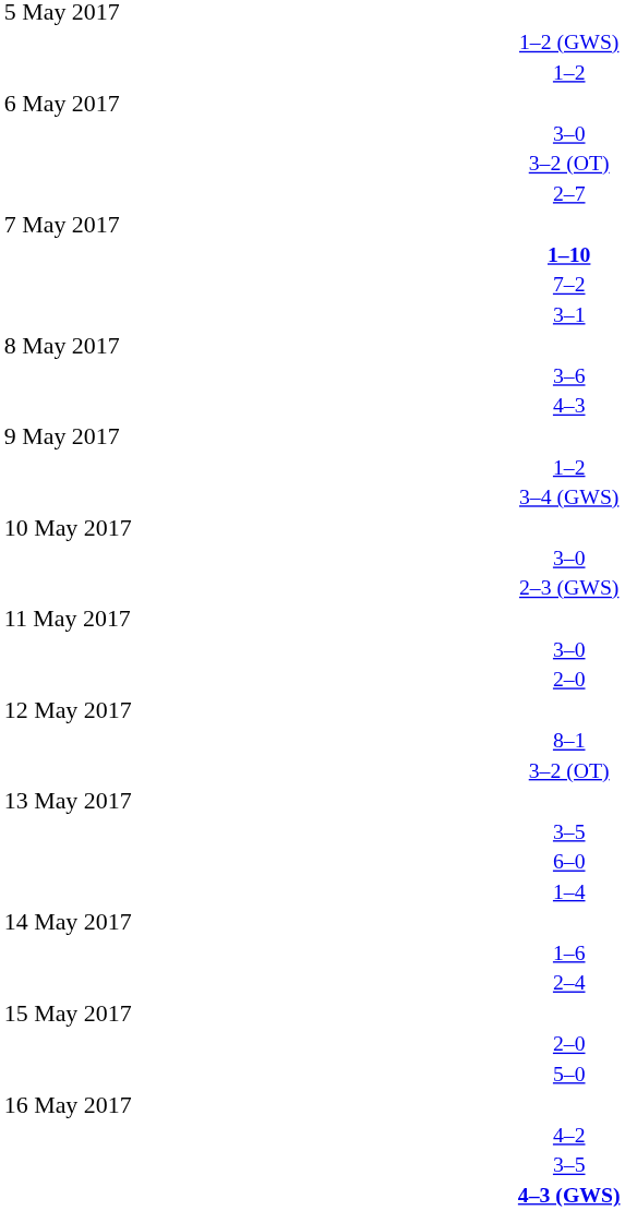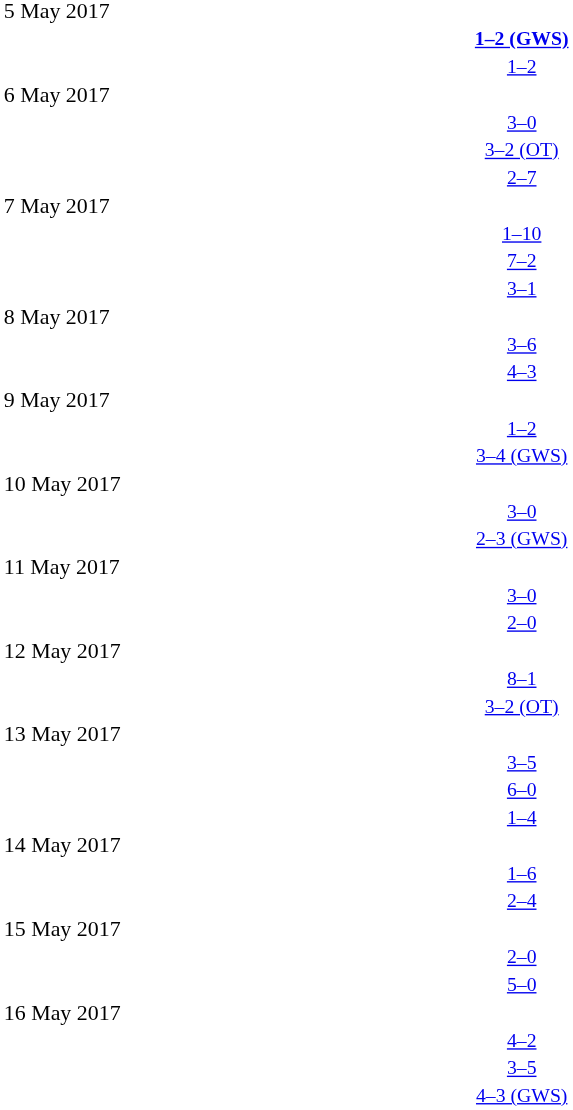 <table style="width:100%;" cellspacing="1">
 <tr>
 <th width=25%></th>
 <th width=2%></th>
 <th width=6%></th>
 <th width=2%></th>
 <th width=25%></th>
 </tr>
 <tr>
 <td>5 May 2017</td>
 </tr>
 <tr style=font-size:90%>
 <td align=right></td>
 <td></td>
-<td align=center><a href='#'>1–2 (GWS)</a></td>
+<td align=center><strong><a href='#'>1–2 (GWS)</a></strong></td>
 <td></td>
 <td></td>
 <td></td>
 </tr>
 <tr style=font-size:90%>
 <td align=right></td>
 <td></td>
 <td align=center><a href='#'>1–2</a></td>
 <td></td>
 <td></td>
 <td></td>
 </tr>
 <tr>
 <td>6 May 2017</td>
 </tr>
 <tr style=font-size:90%>
 <td align=right></td>
 <td></td>
 <td align=center><a href='#'>3–0</a></td>
 <td></td>
 <td></td>
 <td></td>
 </tr>
 <tr style=font-size:90%>
 <td align=right></td>
 <td></td>
 <td align=center><a href='#'>3–2 (OT)</a></td>
 <td></td>
 <td></td>
 <td></td>
 </tr>
 <tr style=font-size:90%>
 <td align=right></td>
 <td></td>
 <td align=center><a href='#'>2–7</a></td>
 <td></td>
 <td></td>
 <td></td>
 </tr>
 <tr>
 <td>7 May 2017</td>
 </tr>
 <tr style=font-size:90%>
 <td align=right></td>
 <td></td>
-<td align=center><strong><a href='#'>1–10</a></strong></td>
+<td align=center><a href='#'>1–10</a></td>
 <td></td>
 <td></td>
 <td></td>
 </tr>
 <tr style=font-size:90%>
 <td align=right></td>
 <td></td>
 <td align=center><a href='#'>7–2</a></td>
 <td></td>
 <td></td>
 <td></td>
 </tr>
 <tr style=font-size:90%>
 <td align=right></td>
 <td></td>
 <td align=center><a href='#'>3–1</a></td>
 <td></td>
 <td></td>
 <td></td>
 </tr>
 <tr>
 <td>8 May 2017</td>
 </tr>
 <tr style=font-size:90%>
 <td align=right></td>
 <td></td>
 <td align=center><a href='#'>3–6</a></td>
 <td></td>
 <td></td>
 <td></td>
 </tr>
 <tr style=font-size:90%>
 <td align=right></td>
 <td></td>
 <td align=center><a href='#'>4–3</a></td>
 <td></td>
 <td></td>
 <td></td>
 </tr>
 <tr>
 <td>9 May 2017</td>
 </tr>
 <tr style=font-size:90%>
 <td align=right></td>
 <td></td>
 <td align=center><a href='#'>1–2</a></td>
 <td></td>
 <td></td>
 <td></td>
 </tr>
 <tr style=font-size:90%>
 <td align=right></td>
 <td></td>
 <td align=center><a href='#'>3–4 (GWS)</a></td>
 <td></td>
 <td></td>
 <td></td>
 </tr>
 <tr>
 <td>10 May 2017</td>
 </tr>
 <tr style=font-size:90%>
 <td align=right></td>
 <td></td>
 <td align=center><a href='#'>3–0</a></td>
 <td></td>
 <td></td>
 <td></td>
 </tr>
 <tr style=font-size:90%>
 <td align=right></td>
 <td></td>
 <td align=center><a href='#'>2–3 (GWS)</a></td>
 <td></td>
 <td></td>
 <td></td>
 </tr>
 <tr>
 <td>11 May 2017</td>
 </tr>
 <tr style=font-size:90%>
 <td align=right></td>
 <td></td>
 <td align=center><a href='#'>3–0</a></td>
 <td></td>
 <td></td>
 <td></td>
 </tr>
 <tr style=font-size:90%>
 <td align=right></td>
 <td></td>
 <td align=center><a href='#'>2–0</a></td>
 <td></td>
 <td></td>
 <td></td>
 </tr>
 <tr>
 <td>12 May 2017</td>
 </tr>
 <tr style=font-size:90%>
 <td align=right></td>
 <td></td>
 <td align=center><a href='#'>8–1</a></td>
 <td></td>
 <td></td>
 <td></td>
 </tr>
 <tr style=font-size:90%>
 <td align=right></td>
 <td></td>
 <td align=center><a href='#'>3–2 (OT)</a></td>
 <td></td>
 <td></td>
 <td></td>
 </tr>
 <tr>
 <td>13 May 2017</td>
 </tr>
 <tr style=font-size:90%>
 <td align=right></td>
 <td></td>
 <td align=center><a href='#'>3–5</a></td>
 <td></td>
 <td></td>
 <td></td>
 </tr>
 <tr style=font-size:90%>
 <td align=right></td>
 <td></td>
 <td align=center><a href='#'>6–0</a></td>
 <td></td>
 <td></td>
 <td></td>
 </tr>
 <tr style=font-size:90%>
 <td align=right></td>
 <td></td>
 <td align=center><a href='#'>1–4</a></td>
 <td></td>
 <td></td>
 <td></td>
 </tr>
 <tr>
 <td>14 May 2017</td>
 </tr>
 <tr style=font-size:90%>
 <td align=right></td>
 <td></td>
 <td align=center><a href='#'>1–6</a></td>
 <td></td>
 <td></td>
 <td></td>
 </tr>
 <tr style=font-size:90%>
 <td align=right></td>
 <td></td>
 <td align=center><a href='#'>2–4</a></td>
 <td></td>
 <td></td>
 <td></td>
 </tr>
 <tr>
 <td>15 May 2017</td>
 </tr>
 <tr style=font-size:90%>
 <td align=right></td>
 <td></td>
 <td align=center><a href='#'>2–0</a></td>
 <td></td>
 <td></td>
 <td></td>
 </tr>
 <tr style=font-size:90%>
 <td align=right></td>
 <td></td>
 <td align=center><a href='#'>5–0</a></td>
 <td></td>
 <td></td>
 <td></td>
 </tr>
 <tr>
 <td>16 May 2017</td>
 </tr>
 <tr style=font-size:90%>
 <td align=right></td>
 <td></td>
 <td align=center><a href='#'>4–2</a></td>
 <td></td>
 <td></td>
 <td></td>
 </tr>
 <tr style=font-size:90%>
 <td align=right></td>
 <td></td>
 <td align=center><a href='#'>3–5</a></td>
 <td></td>
 <td></td>
 <td></td>
 </tr>
 <tr style=font-size:90%>
 <td align=right></td>
 <td></td>
-<td align=center><strong><a href='#'>4–3 (GWS)</a></strong></td>
+<td align=center><a href='#'>4–3 (GWS)</a></td>
 <td></td>
 <td></td>
 <td></td>
 </tr>
 </table>
